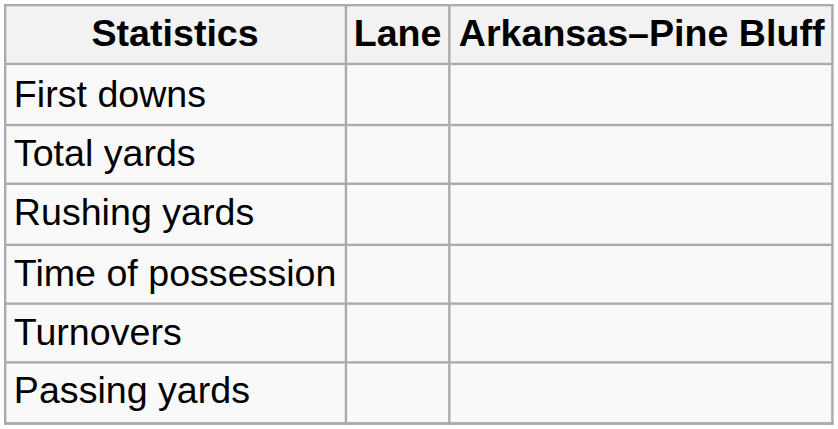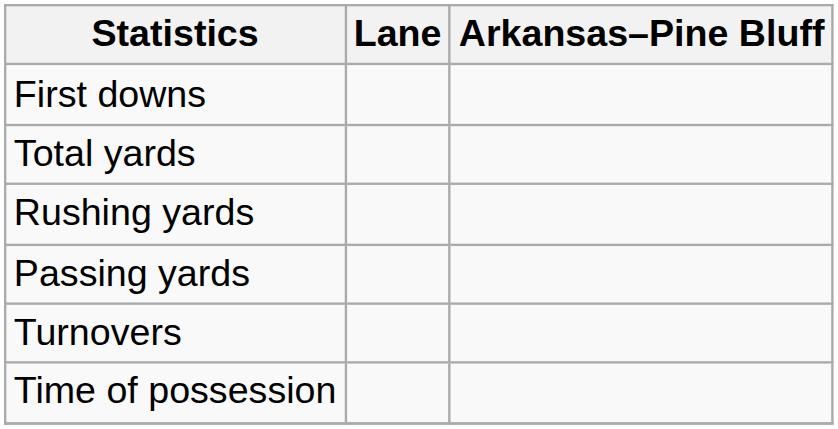 <table class="wikitable">
 <tr>
 <th>Statistics</th>
 <th>Lane</th>
 <th>Arkansas–Pine Bluff</th>
 </tr>
 <tr>
 <td>First downs</td>
 <td> </td>
 <td> </td>
 </tr>
 <tr>
 <td>Total yards</td>
 <td> </td>
 <td> </td>
 </tr>
 <tr>
 <td>Rushing yards</td>
 <td> </td>
 <td> </td>
 </tr>
 <tr>
-<td>Time of possession</td>
+<td>Passing yards</td>
 <td> </td>
 <td> </td>
 </tr>
 <tr>
 <td>Turnovers</td>
 <td> </td>
 <td> </td>
 </tr>
 <tr>
-<td>Passing yards</td>
+<td>Time of possession</td>
 <td> </td>
 <td> </td>
 </tr>
 <tr>
 </tr>
 </table>
